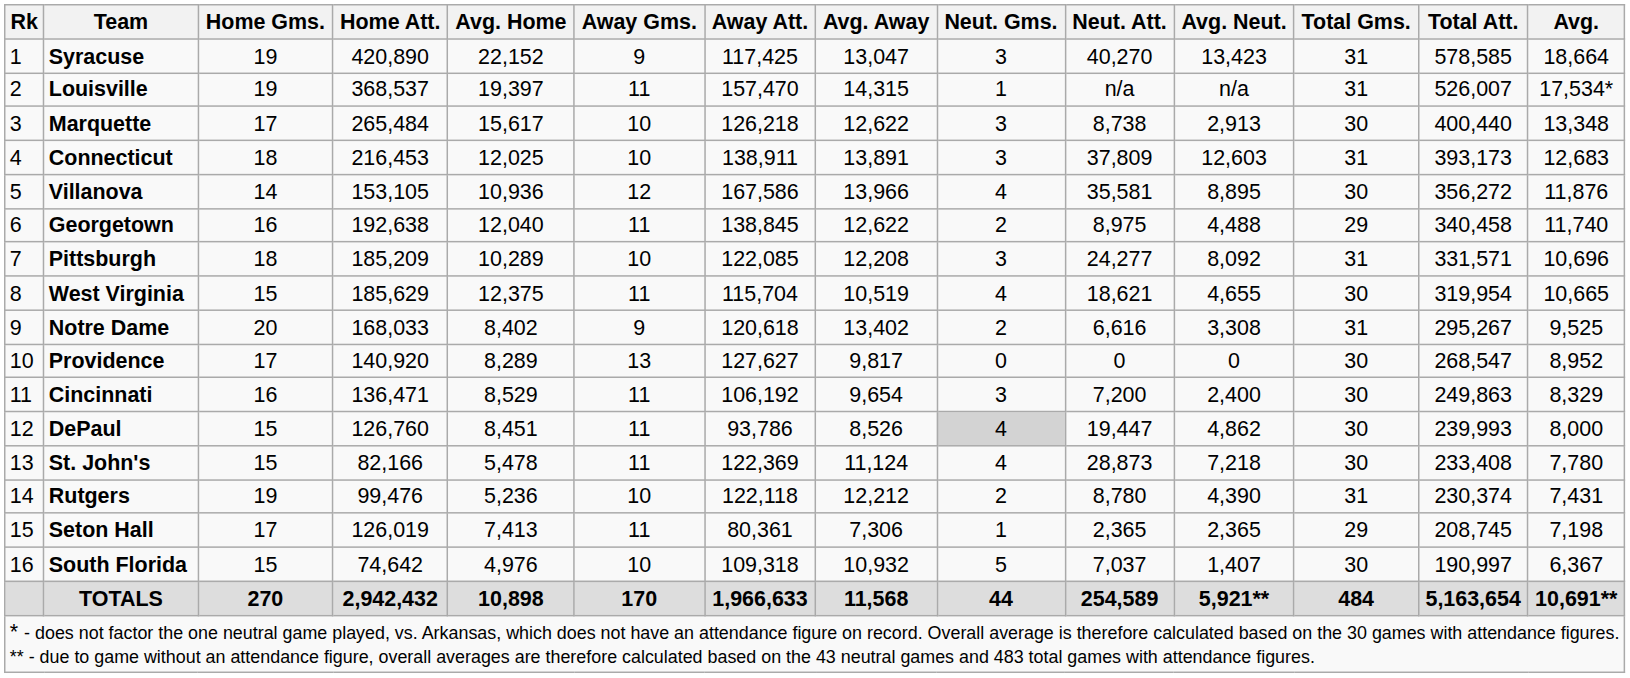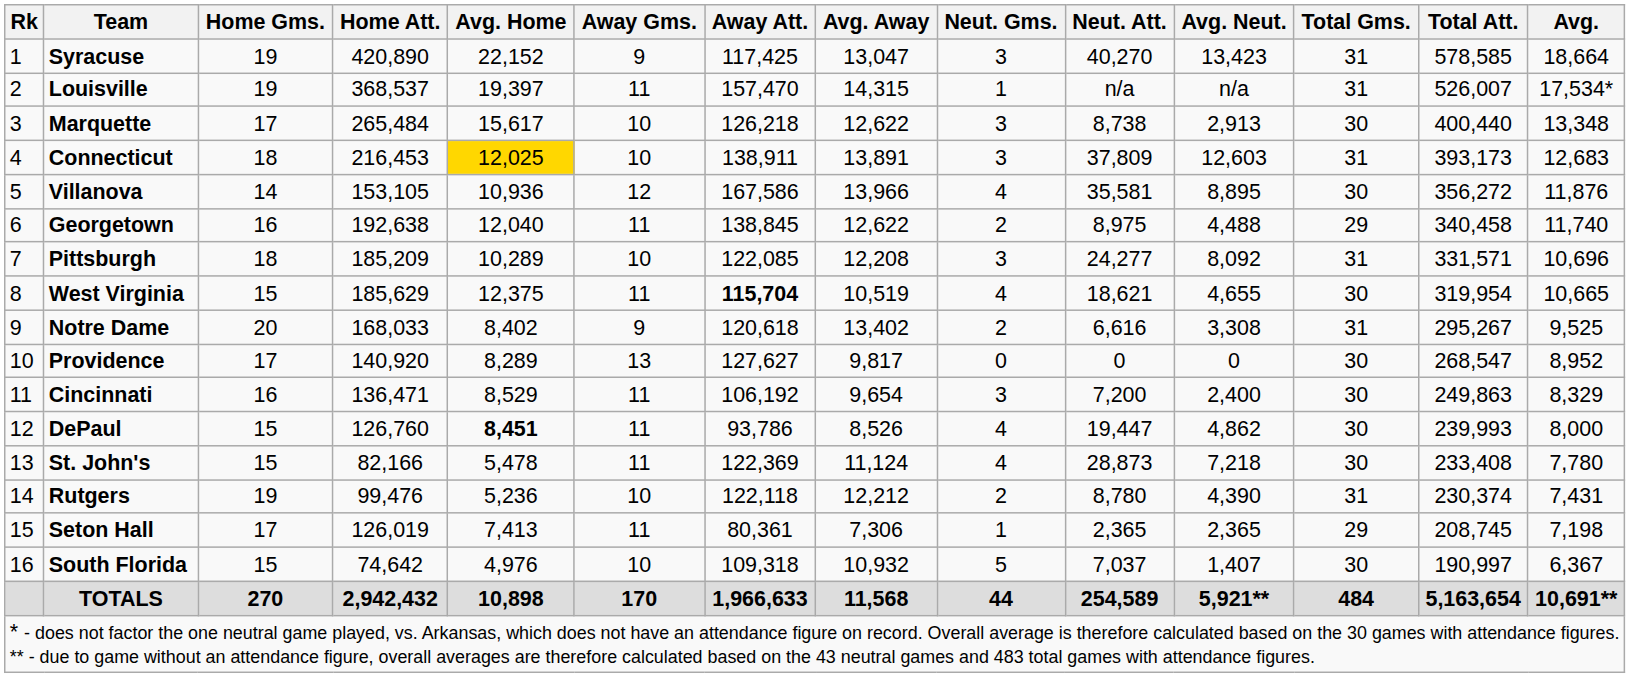 <table class="sortable wikitable" style="white-space:nowrap; font-size:90%;">
 <tr>
 <th>Rk</th>
 <th>Team</th>
 <th>Home Gms.</th>
 <th>Home Att.</th>
 <th>Avg. Home</th>
 <th>Away Gms.</th>
 <th>Away Att.</th>
 <th>Avg. Away</th>
 <th>Neut. Gms.</th>
 <th>Neut. Att.</th>
 <th>Avg. Neut.</th>
 <th>Total Gms.</th>
 <th>Total Att.</th>
 <th>Avg.</th>
 </tr>
 <tr>
 <td>1</td>
 <td><strong>Syracuse</strong></td>
 <td style ="text-align:center">19</td>
 <td style ="text-align:center">420,890</td>
 <td style ="text-align:center">22,152</td>
 <td style ="text-align:center">9</td>
 <td style ="text-align:center">117,425</td>
 <td style ="text-align:center">13,047</td>
 <td style ="text-align:center">3</td>
 <td style ="text-align:center">40,270</td>
 <td style ="text-align:center">13,423</td>
 <td style ="text-align:center">31</td>
 <td style ="text-align:center">578,585</td>
 <td style ="text-align:center">18,664</td>
 </tr>
 <tr>
 <td>2</td>
 <td><strong>Louisville</strong></td>
 <td style ="text-align:center">19</td>
 <td style ="text-align:center">368,537</td>
 <td style ="text-align:center">19,397</td>
 <td style ="text-align:center">11</td>
 <td style ="text-align:center">157,470</td>
 <td style ="text-align:center">14,315</td>
 <td style ="text-align:center">1</td>
 <td style ="text-align:center">n/a</td>
 <td style ="text-align:center">n/a</td>
 <td style ="text-align:center">31</td>
 <td style ="text-align:center">526,007</td>
 <td style ="text-align:center">17,534*</td>
 </tr>
 <tr>
 <td>3</td>
 <td><strong>Marquette</strong></td>
 <td style ="text-align:center">17</td>
 <td style ="text-align:center">265,484</td>
 <td style ="text-align:center">15,617</td>
 <td style ="text-align:center">10</td>
 <td style ="text-align:center">126,218</td>
 <td style ="text-align:center">12,622</td>
 <td style ="text-align:center">3</td>
 <td style ="text-align:center">8,738</td>
 <td style ="text-align:center">2,913</td>
 <td style ="text-align:center">30</td>
 <td style ="text-align:center">400,440</td>
 <td style ="text-align:center">13,348</td>
 </tr>
 <tr>
 <td>4</td>
 <td><strong>Connecticut</strong></td>
 <td style ="text-align:center">18</td>
 <td style ="text-align:center">216,453</td>
-<td style ="text-align:center">12,025</td>
+<td style ="background: gold; text-align:center">12,025</td>
 <td style ="text-align:center">10</td>
 <td style ="text-align:center">138,911</td>
 <td style ="text-align:center">13,891</td>
 <td style ="text-align:center">3</td>
 <td style ="text-align:center">37,809</td>
 <td style ="text-align:center">12,603</td>
 <td style ="text-align:center">31</td>
 <td style ="text-align:center">393,173</td>
 <td style ="text-align:center">12,683</td>
 </tr>
 <tr>
 <td>5</td>
 <td><strong>Villanova</strong></td>
 <td style ="text-align:center">14</td>
 <td style ="text-align:center">153,105</td>
 <td style ="text-align:center">10,936</td>
 <td style ="text-align:center">12</td>
 <td style ="text-align:center">167,586</td>
 <td style ="text-align:center">13,966</td>
 <td style ="text-align:center">4</td>
 <td style ="text-align:center">35,581</td>
 <td style ="text-align:center">8,895</td>
 <td style ="text-align:center">30</td>
 <td style ="text-align:center">356,272</td>
 <td style ="text-align:center">11,876</td>
 </tr>
 <tr>
 <td>6</td>
 <td><strong>Georgetown</strong></td>
 <td style ="text-align:center">16</td>
 <td style ="text-align:center">192,638</td>
 <td style ="text-align:center">12,040</td>
 <td style ="text-align:center">11</td>
 <td style ="text-align:center">138,845</td>
 <td style ="text-align:center">12,622</td>
 <td style ="text-align:center">2</td>
 <td style ="text-align:center">8,975</td>
 <td style ="text-align:center">4,488</td>
 <td style ="text-align:center">29</td>
 <td style ="text-align:center">340,458</td>
 <td style ="text-align:center">11,740</td>
 </tr>
 <tr>
 <td>7</td>
 <td><strong>Pittsburgh</strong></td>
 <td style ="text-align:center">18</td>
 <td style ="text-align:center">185,209</td>
 <td style ="text-align:center">10,289</td>
 <td style ="text-align:center">10</td>
 <td style ="text-align:center">122,085</td>
 <td style ="text-align:center">12,208</td>
 <td style ="text-align:center">3</td>
 <td style ="text-align:center">24,277</td>
 <td style ="text-align:center">8,092</td>
 <td style ="text-align:center">31</td>
 <td style ="text-align:center">331,571</td>
 <td style ="text-align:center">10,696</td>
 </tr>
 <tr>
 <td>8</td>
 <td><strong>West Virginia</strong></td>
 <td style ="text-align:center">15</td>
 <td style ="text-align:center">185,629</td>
 <td style ="text-align:center">12,375</td>
 <td style ="text-align:center">11</td>
-<td style ="text-align:center">115,704</td>
+<td style ="text-align:center"><strong>115,704</strong></td>
 <td style ="text-align:center">10,519</td>
 <td style ="text-align:center">4</td>
 <td style ="text-align:center">18,621</td>
 <td style ="text-align:center">4,655</td>
 <td style ="text-align:center">30</td>
 <td style ="text-align:center">319,954</td>
 <td style ="text-align:center">10,665</td>
 </tr>
 <tr>
 <td>9</td>
 <td><strong>Notre Dame</strong></td>
 <td style ="text-align:center">20</td>
 <td style ="text-align:center">168,033</td>
 <td style ="text-align:center">8,402</td>
 <td style ="text-align:center">9</td>
 <td style ="text-align:center">120,618</td>
 <td style ="text-align:center">13,402</td>
 <td style ="text-align:center">2</td>
 <td style ="text-align:center">6,616</td>
 <td style ="text-align:center">3,308</td>
 <td style ="text-align:center">31</td>
 <td style ="text-align:center">295,267</td>
 <td style ="text-align:center">9,525</td>
 </tr>
 <tr>
 <td>10</td>
 <td><strong>Providence</strong></td>
 <td style ="text-align:center">17</td>
 <td style ="text-align:center">140,920</td>
 <td style ="text-align:center">8,289</td>
 <td style ="text-align:center">13</td>
 <td style ="text-align:center">127,627</td>
 <td style ="text-align:center">9,817</td>
 <td style ="text-align:center">0</td>
 <td style ="text-align:center">0</td>
 <td style ="text-align:center">0</td>
 <td style ="text-align:center">30</td>
 <td style ="text-align:center">268,547</td>
 <td style ="text-align:center">8,952</td>
 </tr>
 <tr>
 <td>11</td>
 <td><strong>Cincinnati</strong></td>
 <td style ="text-align:center">16</td>
 <td style ="text-align:center">136,471</td>
 <td style ="text-align:center">8,529</td>
 <td style ="text-align:center">11</td>
 <td style ="text-align:center">106,192</td>
 <td style ="text-align:center">9,654</td>
 <td style ="text-align:center">3</td>
 <td style ="text-align:center">7,200</td>
 <td style ="text-align:center">2,400</td>
 <td style ="text-align:center">30</td>
 <td style ="text-align:center">249,863</td>
 <td style ="text-align:center">8,329</td>
 </tr>
 <tr>
 <td>12</td>
 <td><strong>DePaul</strong></td>
 <td style ="text-align:center">15</td>
 <td style ="text-align:center">126,760</td>
-<td style ="text-align:center">8,451</td>
+<td style ="text-align:center"><strong>8,451</strong></td>
 <td style ="text-align:center">11</td>
 <td style ="text-align:center">93,786</td>
 <td style ="text-align:center">8,526</td>
-<td style ="background: lightgrey; text-align:center">4</td>
+<td style ="text-align:center">4</td>
 <td style ="text-align:center">19,447</td>
 <td style ="text-align:center">4,862</td>
 <td style ="text-align:center">30</td>
 <td style ="text-align:center">239,993</td>
 <td style ="text-align:center">8,000</td>
 </tr>
 <tr>
 <td>13</td>
 <td><strong>St. John's</strong></td>
 <td style ="text-align:center">15</td>
 <td style ="text-align:center">82,166</td>
 <td style ="text-align:center">5,478</td>
 <td style ="text-align:center">11</td>
 <td style ="text-align:center">122,369</td>
 <td style ="text-align:center">11,124</td>
 <td style ="text-align:center">4</td>
 <td style ="text-align:center">28,873</td>
 <td style ="text-align:center">7,218</td>
 <td style ="text-align:center">30</td>
 <td style ="text-align:center">233,408</td>
 <td style ="text-align:center">7,780</td>
 </tr>
 <tr>
 <td>14</td>
 <td><strong>Rutgers</strong></td>
 <td style ="text-align:center">19</td>
 <td style ="text-align:center">99,476</td>
 <td style ="text-align:center">5,236</td>
 <td style ="text-align:center">10</td>
 <td style ="text-align:center">122,118</td>
 <td style ="text-align:center">12,212</td>
 <td style ="text-align:center">2</td>
 <td style ="text-align:center">8,780</td>
 <td style ="text-align:center">4,390</td>
 <td style ="text-align:center">31</td>
 <td style ="text-align:center">230,374</td>
 <td style ="text-align:center">7,431</td>
 </tr>
 <tr>
 <td>15</td>
 <td><strong>Seton Hall</strong></td>
 <td style ="text-align:center">17</td>
 <td style ="text-align:center">126,019</td>
 <td style ="text-align:center">7,413</td>
 <td style ="text-align:center">11</td>
 <td style ="text-align:center">80,361</td>
 <td style ="text-align:center">7,306</td>
 <td style ="text-align:center">1</td>
 <td style ="text-align:center">2,365</td>
 <td style ="text-align:center">2,365</td>
 <td style ="text-align:center">29</td>
 <td style ="text-align:center">208,745</td>
 <td style ="text-align:center">7,198</td>
 </tr>
 <tr>
 <td>16</td>
 <td><strong>South Florida</strong></td>
 <td style ="text-align:center">15</td>
 <td style ="text-align:center">74,642</td>
 <td style ="text-align:center">4,976</td>
 <td style ="text-align:center">10</td>
 <td style ="text-align:center">109,318</td>
 <td style ="text-align:center">10,932</td>
 <td style ="text-align:center">5</td>
 <td style ="text-align:center">7,037</td>
 <td style ="text-align:center">1,407</td>
 <td style ="text-align:center">30</td>
 <td style ="text-align:center">190,997</td>
 <td style ="text-align:center">6,367</td>
 </tr>
 <tr class="sortbottom"  style="text-align:center; background:#ddd;">
 <td> </td>
 <td><strong>TOTALS</strong></td>
 <td><strong>270</strong></td>
 <td><strong>2,942,432</strong></td>
 <td><strong>10,898</strong></td>
 <td><strong>170</strong></td>
 <td><strong>1,966,633</strong></td>
 <td><strong>11,568</strong></td>
 <td><strong>44</strong></td>
 <td><strong>254,589</strong></td>
 <td><strong>5,921**</strong></td>
 <td><strong>484</strong></td>
 <td><strong>5,163,654</strong></td>
 <td><strong>10,691**</strong></td>
 </tr>
 <tr class="sortbottom">
 <td colspan=14>* <small>- does not factor the one neutral game played, vs. Arkansas, which does not have an attendance figure on record. Overall average is therefore calculated based on the 30 games with attendance figures.<br>** - due to game without an attendance figure, overall averages are therefore calculated based on the 43 neutral games and 483 total games with attendance figures.</small></td>
 </tr>
 </table>
